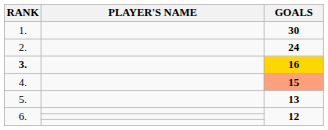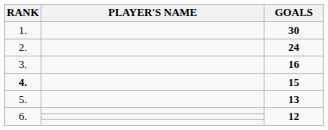 <table class="wikitable">
 <tr>
 <th>RANK</th>
 <th style="width: 20em">PLAYER'S NAME</th>
 <th style="width: 5em">GOALS</th>
 </tr>
 <tr>
 <td align="center">1.</td>
 <td></td>
 <td align="center"><strong>30</strong></td>
 </tr>
 <tr>
 <td align="center">2.</td>
 <td></td>
 <td align="center"><strong>24</strong></td>
 </tr>
 <tr>
-<td align="center"><strong>3.</strong></td>
+<td align="center">3.</td>
 <td></td>
-<td align="center" style="background: gold;"><strong>16</strong></td>
+<td align="center"><strong>16</strong></td>
 </tr>
 <tr>
-<td align="center">4.</td>
+<td align="center"><strong>4.</strong></td>
 <td></td>
-<td align="center" style="background: lightsalmon;"><strong>15</strong></td>
+<td align="center"><strong>15</strong></td>
 </tr>
 <tr>
 <td align="center">5.</td>
 <td></td>
 <td align="center"><strong>13</strong></td>
 </tr>
 <tr>
 <td rowspan=3 align="center">6.</td>
 <td></td>
 <td rowspan=3 align="center"><strong>12</strong></td>
 </tr>
 <tr>
 <td></td>
 </tr>
 <tr>
 <td></td>
 </tr>
 </table>
